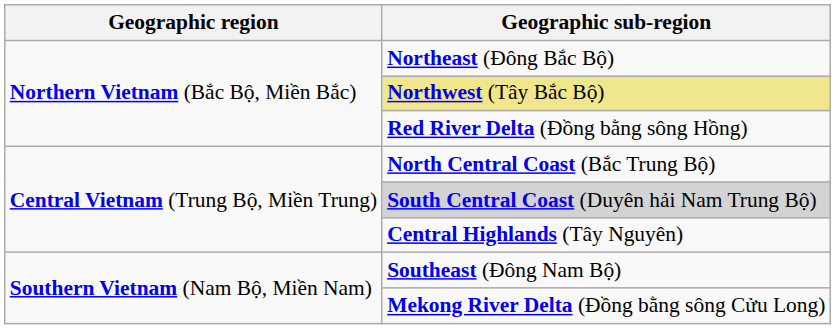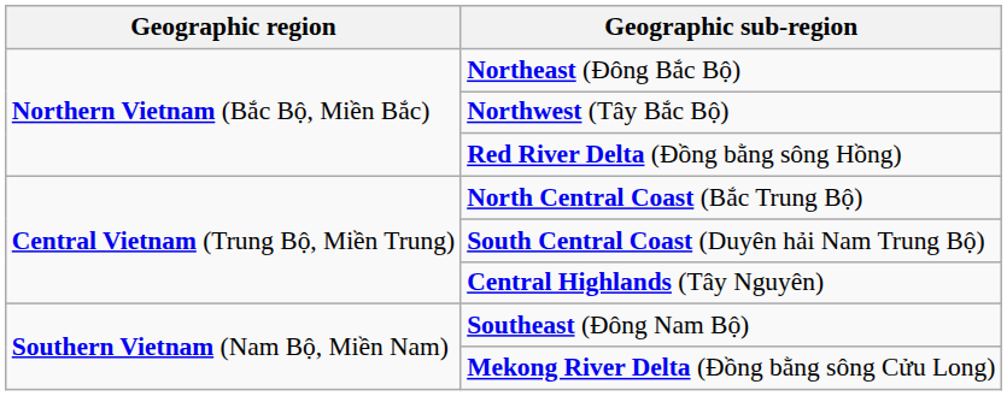 <table class="wikitable" border="1" style="font-size:90%">
 <tr>
 <th>Geographic region</th>
 <th>Geographic sub-region</th>
 </tr>
 <tr>
 <td rowspan="3"><strong><a href='#'>Northern Vietnam</a></strong> (Bắc Bộ, Miền Bắc)</td>
 <td><strong><a href='#'>Northeast</a></strong> (Đông Bắc Bộ)</td>
 </tr>
 <tr>
-<td style="background: khaki;"><strong><a href='#'>Northwest</a></strong> (Tây Bắc Bộ)</td>
+<td><strong><a href='#'>Northwest</a></strong> (Tây Bắc Bộ)</td>
 </tr>
 <tr>
 <td><strong><a href='#'>Red River Delta</a></strong> (Đồng bằng sông Hồng)</td>
 </tr>
 <tr>
 <td rowspan="3"><strong><a href='#'>Central Vietnam</a></strong> (Trung Bộ, Miền Trung)</td>
 <td><strong><a href='#'>North Central Coast</a></strong> (Bắc Trung Bộ)</td>
 </tr>
 <tr>
-<td style="background: lightgrey;"><strong><a href='#'>South Central Coast</a></strong> (Duyên hải Nam Trung Bộ)</td>
+<td><strong><a href='#'>South Central Coast</a></strong> (Duyên hải Nam Trung Bộ)</td>
 </tr>
 <tr>
 <td><strong><a href='#'>Central Highlands</a></strong> (Tây Nguyên)</td>
 </tr>
 <tr>
 <td rowspan="2"><strong><a href='#'>Southern Vietnam</a></strong> (Nam Bộ, Miền Nam)</td>
 <td><strong><a href='#'>Southeast</a></strong> (Đông Nam Bộ)</td>
 </tr>
 <tr>
 <td><strong><a href='#'>Mekong River Delta</a></strong> (Đồng bằng sông Cửu Long)</td>
 </tr>
 </table>
